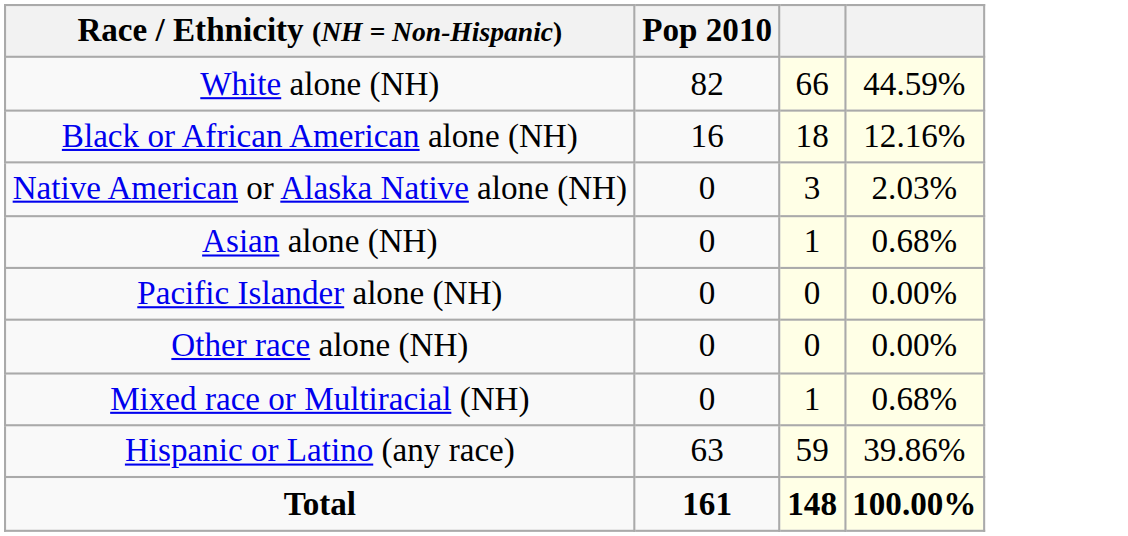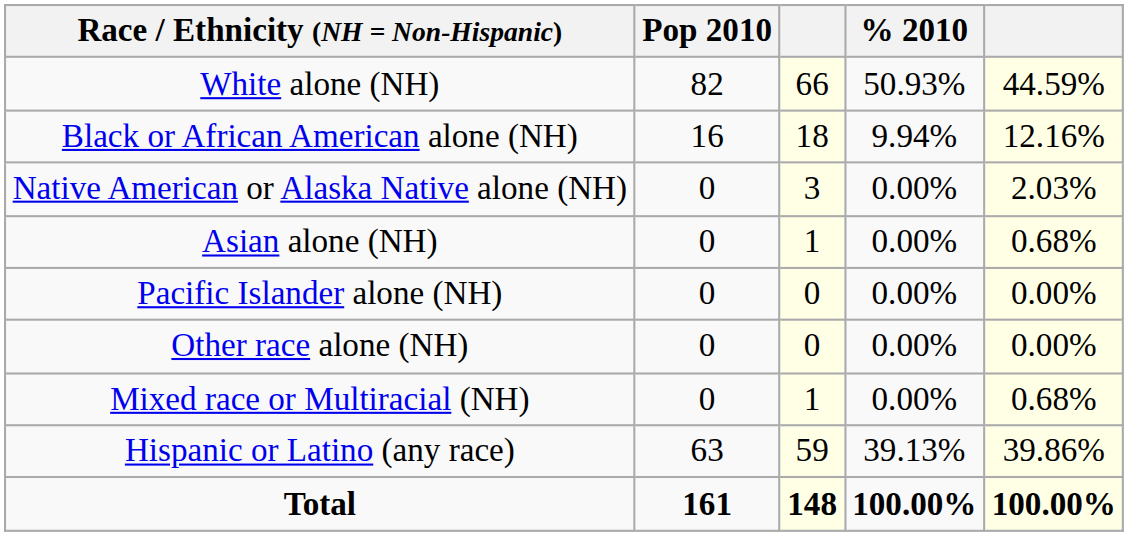 <table class="wikitable" style="text-align:center;">
 <tr>
 <th>Race / Ethnicity <small>(<em>NH = Non-Hispanic</em>)</small></th>
 <th>Pop 2010</th>
 <th></th>
+<th>% 2010</th>
 <th></th>
 </tr>
 <tr>
 <td><a href='#'>White</a> alone (NH)</td>
 <td>82</td>
 <td style='background: #ffffe6;'>66</td>
+<td>50.93%</td>
 <td style='background: #ffffe6;'>44.59%</td>
 </tr>
 <tr>
 <td><a href='#'>Black or African American</a> alone (NH)</td>
 <td>16</td>
 <td style='background: #ffffe6;'>18</td>
+<td>9.94%</td>
 <td style='background: #ffffe6;'>12.16%</td>
 </tr>
 <tr>
 <td><a href='#'>Native American</a> or <a href='#'>Alaska Native</a> alone (NH)</td>
 <td>0</td>
 <td style='background: #ffffe6;'>3</td>
+<td>0.00%</td>
 <td style='background: #ffffe6;'>2.03%</td>
 </tr>
 <tr>
 <td><a href='#'>Asian</a> alone (NH)</td>
 <td>0</td>
 <td style='background: #ffffe6;'>1</td>
+<td>0.00%</td>
 <td style='background: #ffffe6;'>0.68%</td>
 </tr>
 <tr>
 <td><a href='#'>Pacific Islander</a> alone (NH)</td>
 <td>0</td>
 <td style='background: #ffffe6;'>0</td>
+<td>0.00%</td>
 <td style='background: #ffffe6;'>0.00%</td>
 </tr>
 <tr>
 <td><a href='#'>Other race</a> alone (NH)</td>
 <td>0</td>
 <td style='background: #ffffe6;'>0</td>
+<td>0.00%</td>
 <td style='background: #ffffe6;'>0.00%</td>
 </tr>
 <tr>
 <td><a href='#'>Mixed race or Multiracial</a> (NH)</td>
 <td>0</td>
 <td style='background: #ffffe6;'>1</td>
+<td>0.00%</td>
 <td style='background: #ffffe6;'>0.68%</td>
 </tr>
 <tr>
 <td><a href='#'>Hispanic or Latino</a> (any race)</td>
 <td>63</td>
 <td style='background: #ffffe6;'>59</td>
+<td>39.13%</td>
 <td style='background: #ffffe6;'>39.86%</td>
 </tr>
 <tr>
 <td><strong>Total</strong></td>
 <td><strong>161</strong></td>
 <td style='background: #ffffe6;'><strong>148</strong></td>
+<td><strong>100.00%</strong></td>
 <td style='background: #ffffe6;'><strong>100.00%</strong></td>
 </tr>
 </table>
